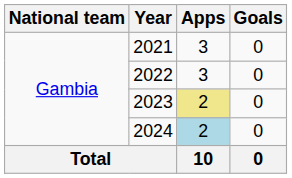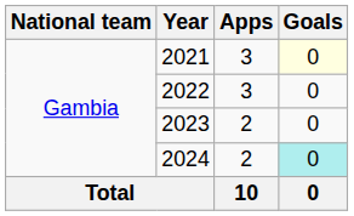 <table class="wikitable" style="text-align:center">
 <tr>
 <th>National team</th>
 <th>Year</th>
 <th>Apps</th>
 <th>Goals</th>
 </tr>
 <tr>
 <td rowspan="4"><a href='#'>Gambia</a></td>
 <td>2021</td>
 <td>3</td>
-<td>0</td>
+<td style="background: lightyellow;">0</td>
 </tr>
 <tr>
 <td>2022</td>
 <td>3</td>
 <td>0</td>
 </tr>
 <tr>
 <td>2023</td>
-<td style="background: khaki;">2</td>
+<td>2</td>
 <td>0</td>
 </tr>
 <tr>
 <td>2024</td>
-<td style="background: lightblue;">2</td>
-<td>0</td>
+<td>2</td>
+<td style="background: paleturquoise;">0</td>
 </tr>
 <tr>
 <th colspan="2">Total</th>
 <th>10</th>
 <th>0</th>
 </tr>
 </table>
